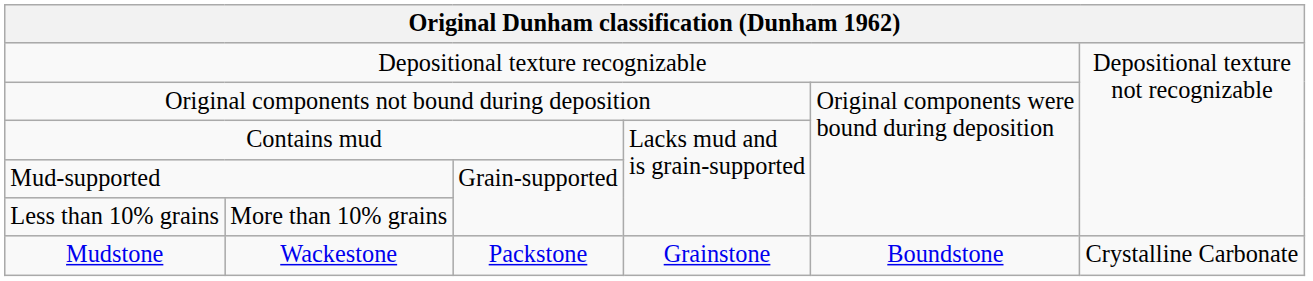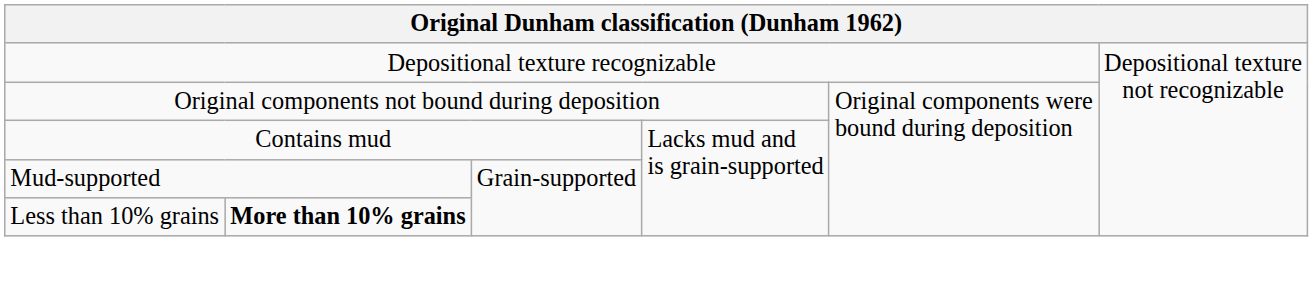 <table class="wikitable">
 <tr>
 <th colspan="6" style="text-align:center">Original Dunham classification (Dunham 1962)</th>
 </tr>
 <tr style="vertical-align: top;">
 <td colspan="5" style="text-align:center">Depositional texture recognizable</td>
 <td colspan="1" rowspan="5" style="text-align:center">Depositional texture<br>not recognizable</td>
 </tr>
 <tr style="vertical-align: top;">
 <td colspan="4" style="text-align:center">Original components not bound during deposition</td>
 <td rowspan="4">Original components were<br>bound during deposition</td>
 </tr>
 <tr style="vertical-align: top;">
 <td colspan="3" style="text-align:center">Contains mud</td>
 <td rowspan="3">Lacks mud and<br>is grain-supported</td>
 </tr>
 <tr style="vertical-align: top;">
 <td colspan="2">Mud-supported</td>
 <td rowspan="2">Grain-supported</td>
 </tr>
 <tr>
 <td>Less than 10% grains</td>
-<td>More than 10% grains</td>
-</tr>
-<tr>
-<td style="text-align:center"><a href='#'>Mudstone</a></td>
-<td style="text-align:center"><a href='#'>Wackestone</a></td>
-<td style="text-align:center"><a href='#'>Packstone</a></td>
-<td style="text-align:center"><a href='#'>Grainstone</a></td>
-<td style="text-align:center"><a href='#'>Boundstone</a></td>
-<td style="text-align:center">Crystalline Carbonate</td>
+<td><strong>More than 10% grains</strong></td>
 </tr>
 </table>
